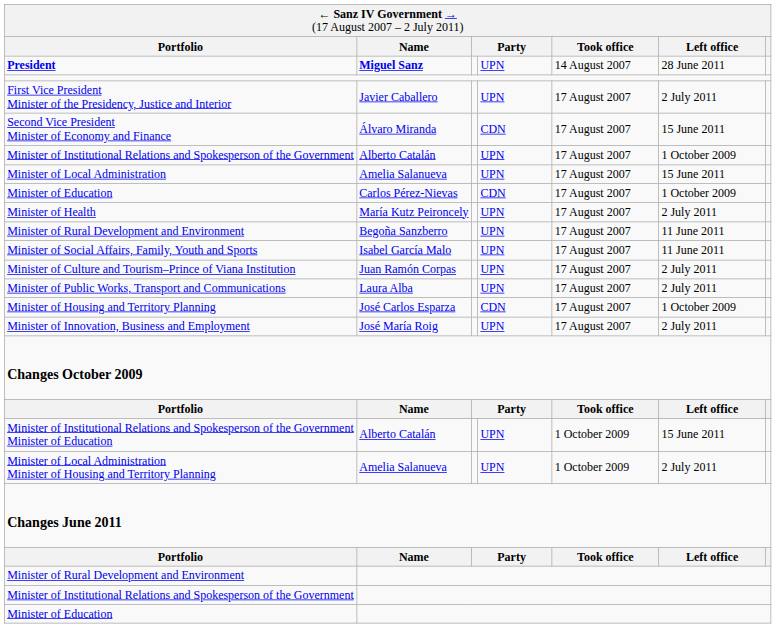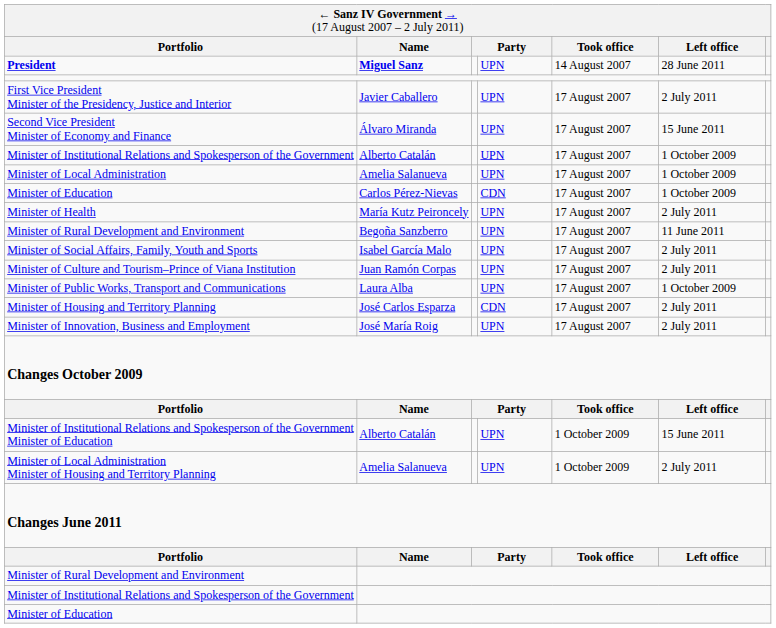 <table class="wikitable">
 <tr>
 <td colspan="7" bgcolor="#F2F2F2" align="center">← <strong>Sanz IV Government</strong> <a href='#'>→</a><br>(17 August 2007 – 2 July 2011)</td>
 </tr>
 <tr>
 <th>Portfolio</th>
 <th>Name</th>
 <th width="100px" colspan="2">Party</th>
 <th width="135px">Took office</th>
 <th width="135px">Left office</th>
 <th></th>
 </tr>
 <tr>
 <td><strong><a href='#'>President</a></strong></td>
 <td><strong><a href='#'>Miguel Sanz</a></strong></td>
 <td width="1" style="color:inherit;background:"></td>
 <td><a href='#'>UPN</a></td>
 <td>14 August 2007</td>
 <td>28 June 2011</td>
 <td align="center"></td>
 </tr>
 <tr>
 <td colspan="7"></td>
 </tr>
 <tr>
 <td><a href='#'>First Vice President</a><br><a href='#'>Minister of the Presidency, Justice and Interior</a></td>
 <td><a href='#'>Javier Caballero</a></td>
 <td style="color:inherit;background:"></td>
 <td><a href='#'>UPN</a></td>
 <td>17 August 2007</td>
 <td>2 July 2011</td>
 <td align="center"><br></td>
 </tr>
 <tr>
 <td><a href='#'>Second Vice President</a><br><a href='#'>Minister of Economy and Finance</a></td>
 <td><a href='#'>Álvaro Miranda</a></td>
 <td style="color:inherit;background:"></td>
-<td><a href='#'>CDN</a></td>
+<td><a href='#'>UPN</a> </td>
 <td>17 August 2007</td>
 <td>15 June 2011</td>
 <td align="center"><br></td>
 </tr>
 <tr>
 <td><a href='#'>Minister of Institutional Relations and Spokesperson of the Government</a></td>
 <td><a href='#'>Alberto Catalán</a></td>
 <td style="color:inherit;background:"></td>
 <td><a href='#'>UPN</a></td>
 <td>17 August 2007</td>
 <td>1 October 2009</td>
 <td align="center"></td>
 </tr>
 <tr>
 <td><a href='#'>Minister of Local Administration</a></td>
 <td><a href='#'>Amelia Salanueva</a></td>
 <td style="color:inherit;background:"></td>
 <td><a href='#'>UPN</a></td>
 <td>17 August 2007</td>
-<td>15 June 2011</td>
+<td>1 October 2009</td>
 <td align="center"></td>
 </tr>
 <tr>
 <td><a href='#'>Minister of Education</a></td>
 <td><a href='#'>Carlos Pérez-Nievas</a></td>
 <td style="color:inherit;background:"></td>
 <td><a href='#'>CDN</a></td>
 <td>17 August 2007</td>
 <td>1 October 2009</td>
 <td align="center"></td>
 </tr>
 <tr>
 <td><a href='#'>Minister of Health</a></td>
 <td><a href='#'>María Kutz Peironcely</a></td>
 <td style="color:inherit;background:"></td>
 <td><a href='#'>UPN</a></td>
 <td>17 August 2007</td>
 <td>2 July 2011</td>
 <td align="center"></td>
 </tr>
 <tr>
 <td><a href='#'>Minister of Rural Development and Environment</a></td>
 <td><a href='#'>Begoña Sanzberro</a></td>
 <td style="color:inherit;background:"></td>
 <td><a href='#'>UPN</a></td>
 <td>17 August 2007</td>
 <td>11 June 2011</td>
 <td align="center"></td>
 </tr>
 <tr>
 <td><a href='#'>Minister of Social Affairs, Family, Youth and Sports</a></td>
 <td><a href='#'>Isabel García Malo</a></td>
 <td style="color:inherit;background:"></td>
 <td><a href='#'>UPN</a></td>
 <td>17 August 2007</td>
-<td>11 June 2011</td>
+<td>2 July 2011</td>
 <td align="center"></td>
 </tr>
 <tr>
 <td><a href='#'>Minister of Culture and Tourism–Prince of Viana Institution</a></td>
 <td><a href='#'>Juan Ramón Corpas</a></td>
 <td style="color:inherit;background:"></td>
 <td><a href='#'>UPN</a> </td>
 <td>17 August 2007</td>
 <td>2 July 2011</td>
 <td align="center"></td>
 </tr>
 <tr>
 <td><a href='#'>Minister of Public Works, Transport and Communications</a></td>
 <td><a href='#'>Laura Alba</a></td>
 <td style="color:inherit;background:"></td>
 <td><a href='#'>UPN</a></td>
 <td>17 August 2007</td>
-<td>2 July 2011</td>
+<td>1 October 2009</td>
 <td align="center"></td>
 </tr>
 <tr>
 <td><a href='#'>Minister of Housing and Territory Planning</a></td>
 <td><a href='#'>José Carlos Esparza</a></td>
 <td style="color:inherit;background:"></td>
 <td><a href='#'>CDN</a></td>
 <td>17 August 2007</td>
-<td>1 October 2009</td>
+<td>2 July 2011</td>
 <td align="center"></td>
 </tr>
 <tr>
 <td><a href='#'>Minister of Innovation, Business and Employment</a></td>
 <td><a href='#'>José María Roig</a></td>
 <td style="color:inherit;background:"></td>
 <td><a href='#'>UPN</a></td>
 <td>17 August 2007</td>
 <td>2 July 2011</td>
 <td align="center"></td>
 </tr>
 <tr>
 <td colspan="7"><br><h3>Changes October 2009</h3></td>
 </tr>
 <tr>
 <th>Portfolio</th>
 <th>Name</th>
 <th colspan="2">Party</th>
 <th>Took office</th>
 <th>Left office</th>
 <th></th>
 </tr>
 <tr>
 <td><a href='#'>Minister of Institutional Relations and Spokesperson of the Government</a><br><a href='#'>Minister of Education</a></td>
 <td><a href='#'>Alberto Catalán</a></td>
 <td style="color:inherit;background:"></td>
 <td><a href='#'>UPN</a></td>
 <td>1 October 2009</td>
 <td>15 June 2011</td>
 <td align="center"></td>
 </tr>
 <tr>
 <td><a href='#'>Minister of Local Administration</a><br><a href='#'>Minister of Housing and Territory Planning</a></td>
 <td><a href='#'>Amelia Salanueva</a></td>
 <td style="color:inherit;background:"></td>
 <td><a href='#'>UPN</a></td>
 <td>1 October 2009</td>
 <td>2 July 2011</td>
 <td align="center"></td>
 </tr>
 <tr>
 <td colspan="7"><br><h3>Changes June 2011</h3></td>
 </tr>
 <tr>
 <th>Portfolio</th>
 <th>Name</th>
 <th colspan="2">Party</th>
 <th>Took office</th>
 <th>Left office</th>
 <th></th>
 </tr>
 <tr>
 <td><a href='#'>Minister of Rural Development and Environment</a></td>
 <td colspan="6"></td>
 </tr>
 <tr>
 <td><a href='#'>Minister of Institutional Relations and Spokesperson of the Government</a></td>
 <td colspan="6"></td>
 </tr>
 <tr>
 <td><a href='#'>Minister of Education</a></td>
 <td colspan="6"></td>
 </tr>
 </table>
